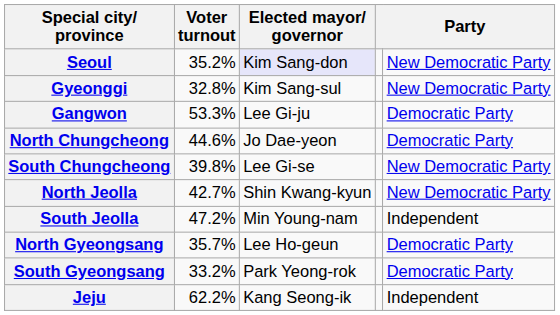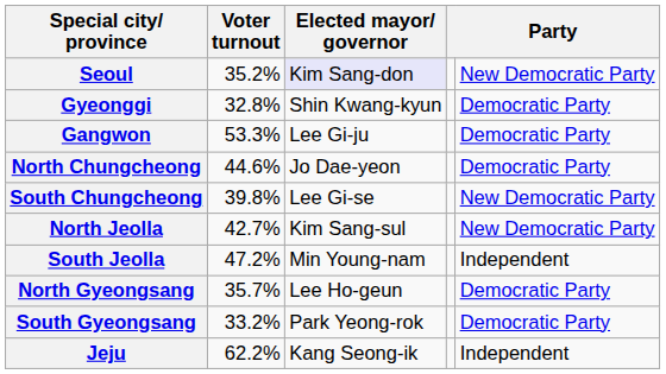 <table class="wikitable" style="text-align:right">
 <tr>
 <th>Special city/<br>province</th>
 <th>Voter<br>turnout</th>
 <th>Elected mayor/<br>governor</th>
 <th colspan="2">Party</th>
 </tr>
 <tr>
 <th><a href='#'>Seoul</a></th>
 <td>35.2%</td>
 <td align="left" style="background: lavender;">Kim Sang-don</td>
 <td></td>
 <td align="left"><a href='#'>New Democratic Party</a></td>
 </tr>
 <tr>
 <th><a href='#'>Gyeonggi</a></th>
 <td>32.8%</td>
-<td align="left">Kim Sang-sul</td>
+<td align="left">Shin Kwang-kyun</td>
 <td></td>
-<td align="left"><a href='#'>New Democratic Party</a></td>
+<td align="left"><a href='#'>Democratic Party</a></td>
 </tr>
 <tr>
 <th><a href='#'>Gangwon</a></th>
 <td>53.3%</td>
 <td align="left">Lee Gi-ju</td>
 <td></td>
 <td align="left"><a href='#'>Democratic Party</a></td>
 </tr>
 <tr>
 <th><a href='#'>North Chungcheong</a></th>
 <td>44.6%</td>
 <td align="left">Jo Dae-yeon</td>
 <td></td>
 <td align="left"><a href='#'>Democratic Party</a></td>
 </tr>
 <tr>
 <th><a href='#'>South Chungcheong</a></th>
 <td>39.8%</td>
 <td align="left">Lee Gi-se</td>
 <td></td>
 <td align="left"><a href='#'>New Democratic Party</a></td>
 </tr>
 <tr>
 <th><a href='#'>North Jeolla</a></th>
 <td>42.7%</td>
-<td align="left">Shin Kwang-kyun</td>
+<td align="left">Kim Sang-sul</td>
 <td></td>
 <td align="left"><a href='#'>New Democratic Party</a></td>
 </tr>
 <tr>
 <th><a href='#'>South Jeolla</a></th>
 <td>47.2%</td>
 <td align="left">Min Young-nam</td>
 <td></td>
 <td align="left">Independent</td>
 </tr>
 <tr>
 <th><a href='#'>North Gyeongsang</a></th>
 <td>35.7%</td>
 <td align="left">Lee Ho-geun</td>
 <td></td>
 <td align="left"><a href='#'>Democratic Party</a></td>
 </tr>
 <tr>
 <th><a href='#'>South Gyeongsang</a></th>
 <td>33.2%</td>
 <td align="left">Park Yeong-rok</td>
 <td></td>
 <td align="left"><a href='#'>Democratic Party</a></td>
 </tr>
 <tr>
 <th><a href='#'>Jeju</a></th>
 <td>62.2%</td>
 <td align="left">Kang Seong-ik</td>
 <td></td>
 <td align="left">Independent</td>
 </tr>
 </table>
